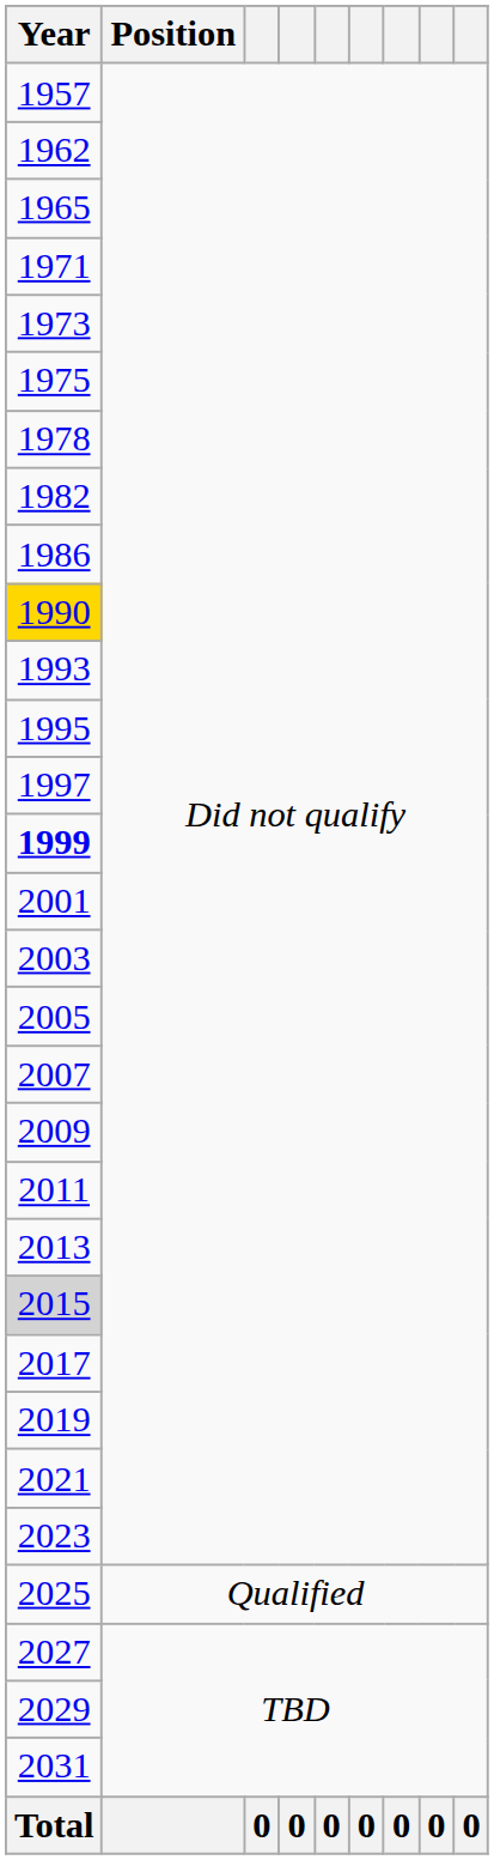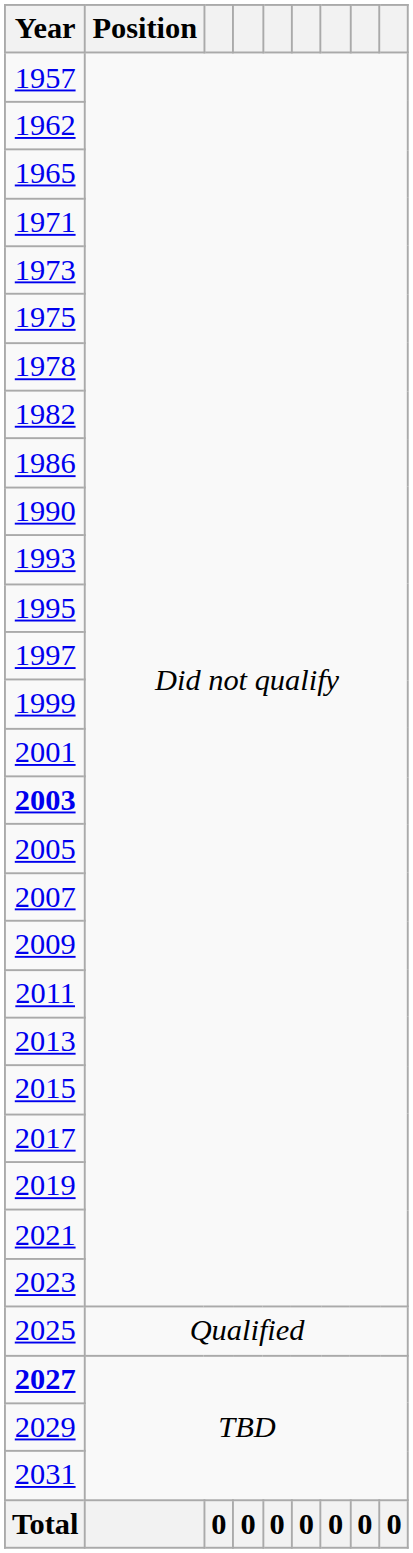 <table class="wikitable" style="text-align: center;">
 <tr>
 <th>Year</th>
 <th>Position</th>
 <th></th>
 <th></th>
 <th></th>
 <th></th>
 <th></th>
 <th></th>
 <th></th>
 </tr>
 <tr>
 <td> <a href='#'>1957</a></td>
 <td colspan=8 rowspan=26><em>Did not qualify</em></td>
 </tr>
 <tr>
 <td> <a href='#'>1962</a></td>
 </tr>
 <tr>
 <td> <a href='#'>1965</a></td>
 </tr>
 <tr>
 <td> <a href='#'>1971</a></td>
 </tr>
 <tr>
 <td> <a href='#'>1973</a></td>
 </tr>
 <tr>
 <td> <a href='#'>1975</a></td>
 </tr>
 <tr>
 <td> <a href='#'>1978</a></td>
 </tr>
 <tr>
 <td> <a href='#'>1982</a></td>
 </tr>
 <tr>
 <td> <a href='#'>1986</a></td>
 </tr>
 <tr>
-<td style="background: gold;"> <a href='#'>1990</a></td>
+<td> <a href='#'>1990</a></td>
 </tr>
 <tr>
 <td> <a href='#'>1993</a></td>
 </tr>
 <tr>
 <td> <a href='#'>1995</a></td>
 </tr>
 <tr>
 <td> <a href='#'>1997</a></td>
 </tr>
 <tr>
-<td><strong> <a href='#'>1999</a></strong></td>
+<td> <a href='#'>1999</a></td>
 </tr>
 <tr>
 <td> <a href='#'>2001</a></td>
 </tr>
 <tr>
-<td> <a href='#'>2003</a></td>
+<td><strong> <a href='#'>2003</a></strong></td>
 </tr>
 <tr>
 <td> <a href='#'>2005</a></td>
 </tr>
 <tr>
 <td> <a href='#'>2007</a></td>
 </tr>
 <tr>
 <td> <a href='#'>2009</a></td>
 </tr>
 <tr>
 <td> <a href='#'>2011</a></td>
 </tr>
 <tr>
 <td> <a href='#'>2013</a></td>
 </tr>
 <tr>
-<td style="background: lightgrey;"> <a href='#'>2015</a></td>
+<td> <a href='#'>2015</a></td>
 </tr>
 <tr>
 <td> <a href='#'>2017</a></td>
 </tr>
 <tr>
 <td> <a href='#'>2019</a></td>
 </tr>
 <tr>
 <td> <a href='#'>2021</a></td>
 </tr>
 <tr>
 <td> <a href='#'>2023</a></td>
 </tr>
 <tr>
 <td> <a href='#'>2025</a></td>
 <td colspan=8><em>Qualified</em></td>
 </tr>
 <tr>
-<td> <a href='#'>2027</a></td>
+<td><strong> <a href='#'>2027</a></strong></td>
 <td colspan=8 rowspan=3><em>TBD</em></td>
 </tr>
 <tr>
 <td> <a href='#'>2029</a></td>
 </tr>
 <tr>
 <td> <a href='#'>2031</a></td>
 </tr>
 <tr>
 <th>Total</th>
 <th></th>
 <th>0</th>
 <th>0</th>
 <th>0</th>
 <th>0</th>
 <th>0</th>
 <th>0</th>
 <th>0</th>
 </tr>
 </table>
